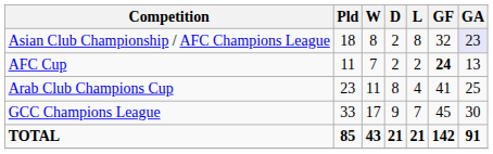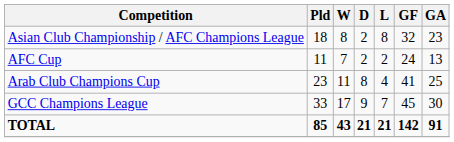 <table class="wikitable">
 <tr>
 <th>Competition</th>
 <th>Pld</th>
 <th>W</th>
 <th>D</th>
 <th>L</th>
 <th>GF</th>
 <th>GA</th>
 </tr>
 <tr>
 <td><a href='#'>Asian Club Championship</a> / <a href='#'>AFC Champions League</a></td>
 <td style="text-align:center;">18</td>
 <td style="text-align:center;">8</td>
 <td style="text-align:center;">2</td>
 <td style="text-align:center;">8</td>
 <td style="text-align:center;">32</td>
-<td style="background: lavender; text-align:center;">23</td>
+<td style="text-align:center;">23</td>
 </tr>
 <tr>
 <td><a href='#'>AFC Cup</a></td>
 <td style="text-align:center;">11</td>
 <td style="text-align:center;">7</td>
 <td style="text-align:center;">2</td>
 <td style="text-align:center;">2</td>
-<td style="text-align:center;"><strong>24</strong></td>
+<td style="text-align:center;">24</td>
 <td style="text-align:center;">13</td>
 </tr>
 <tr>
 <td><a href='#'>Arab Club Champions Cup</a></td>
 <td style="text-align:center;">23</td>
 <td style="text-align:center;">11</td>
 <td style="text-align:center;">8</td>
 <td style="text-align:center;">4</td>
 <td style="text-align:center;">41</td>
 <td style="text-align:center;">25</td>
 </tr>
 <tr>
 <td><a href='#'>GCC Champions League</a></td>
 <td style="text-align:center;">33</td>
 <td style="text-align:center;">17</td>
 <td style="text-align:center;">9</td>
 <td style="text-align:center;">7</td>
 <td style="text-align:center;">45</td>
 <td style="text-align:center;">30</td>
 </tr>
 <tr>
 <td><strong>TOTAL</strong></td>
 <td style="text-align:center;"><strong>85</strong></td>
 <td style="text-align:center;"><strong>43</strong></td>
 <td style="text-align:center;"><strong>21</strong></td>
 <td style="text-align:center;"><strong>21</strong></td>
 <td style="text-align:center;"><strong>142</strong></td>
 <td style="text-align:center;"><strong>91</strong></td>
 </tr>
 <tr>
 </tr>
 </table>
